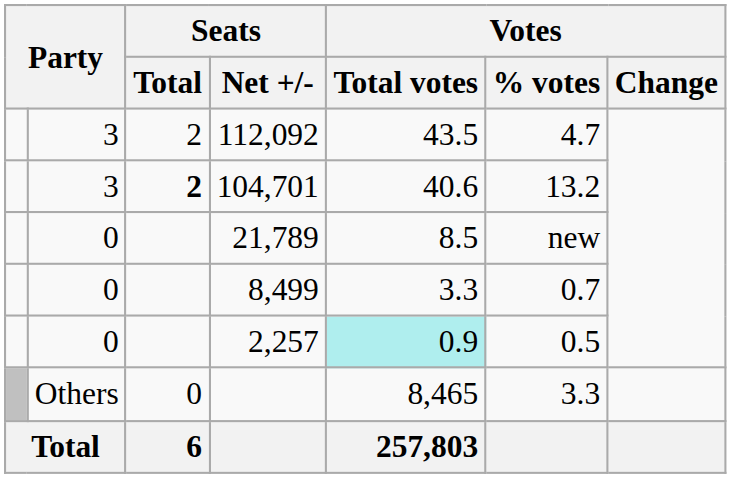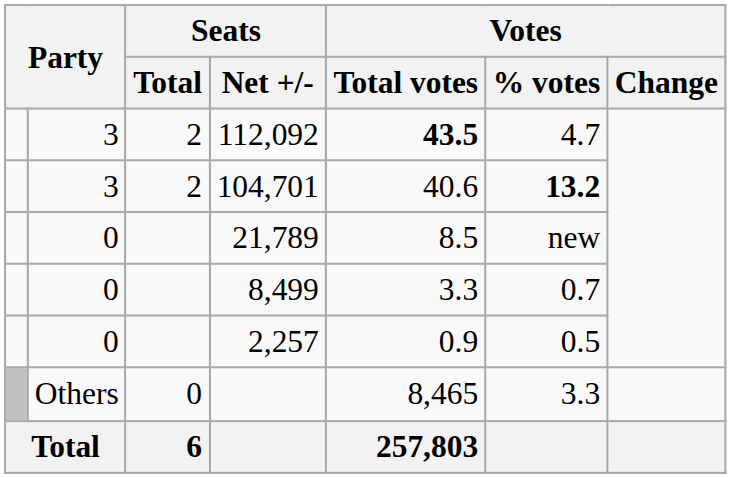 <table class="wikitable" style="text-align:right; font-size:95%;">
 <tr>
 <th colspan="2" rowspan="2">Party</th>
 <th colspan="2">Seats</th>
 <th colspan="3">Votes</th>
 </tr>
 <tr>
 <th>Total</th>
 <th>Net +/-</th>
 <th>Total votes</th>
 <th>% votes</th>
 <th>Change</th>
 </tr>
 <tr>
 <td></td>
 <td>3</td>
 <td>2</td>
 <td>112,092</td>
-<td>43.5</td>
+<td><strong>43.5</strong></td>
 <td>4.7</td>
 </tr>
 <tr>
 <td></td>
 <td>3</td>
-<td><strong>2</strong></td>
+<td>2</td>
 <td>104,701</td>
 <td>40.6</td>
-<td>13.2</td>
+<td><strong>13.2</strong></td>
 </tr>
 <tr>
 <td></td>
 <td>0</td>
 <td></td>
 <td>21,789</td>
 <td>8.5</td>
 <td>new</td>
 </tr>
 <tr>
 <td></td>
 <td>0</td>
 <td></td>
 <td>8,499</td>
 <td>3.3</td>
 <td>0.7</td>
 </tr>
 <tr>
 <td></td>
 <td>0</td>
 <td></td>
 <td>2,257</td>
-<td style="background: paleturquoise;">0.9</td>
+<td>0.9</td>
 <td>0.5</td>
 </tr>
 <tr>
 <td style="background:silver;"> </td>
 <td align=left>Others</td>
 <td>0</td>
 <td></td>
 <td>8,465</td>
 <td>3.3</td>
 <td></td>
 </tr>
 <tr>
 <th colspan="2" style="background:#f2f2f2">Total</th>
 <td style="background:#f2f2f2;"><strong>6</strong></td>
 <td style="background:#f2f2f2;"></td>
 <td style="background:#f2f2f2;"><strong>257,803</strong></td>
 <td style="background:#f2f2f2;"></td>
 <td style="background:#f2f2f2;"></td>
 </tr>
 </table>
